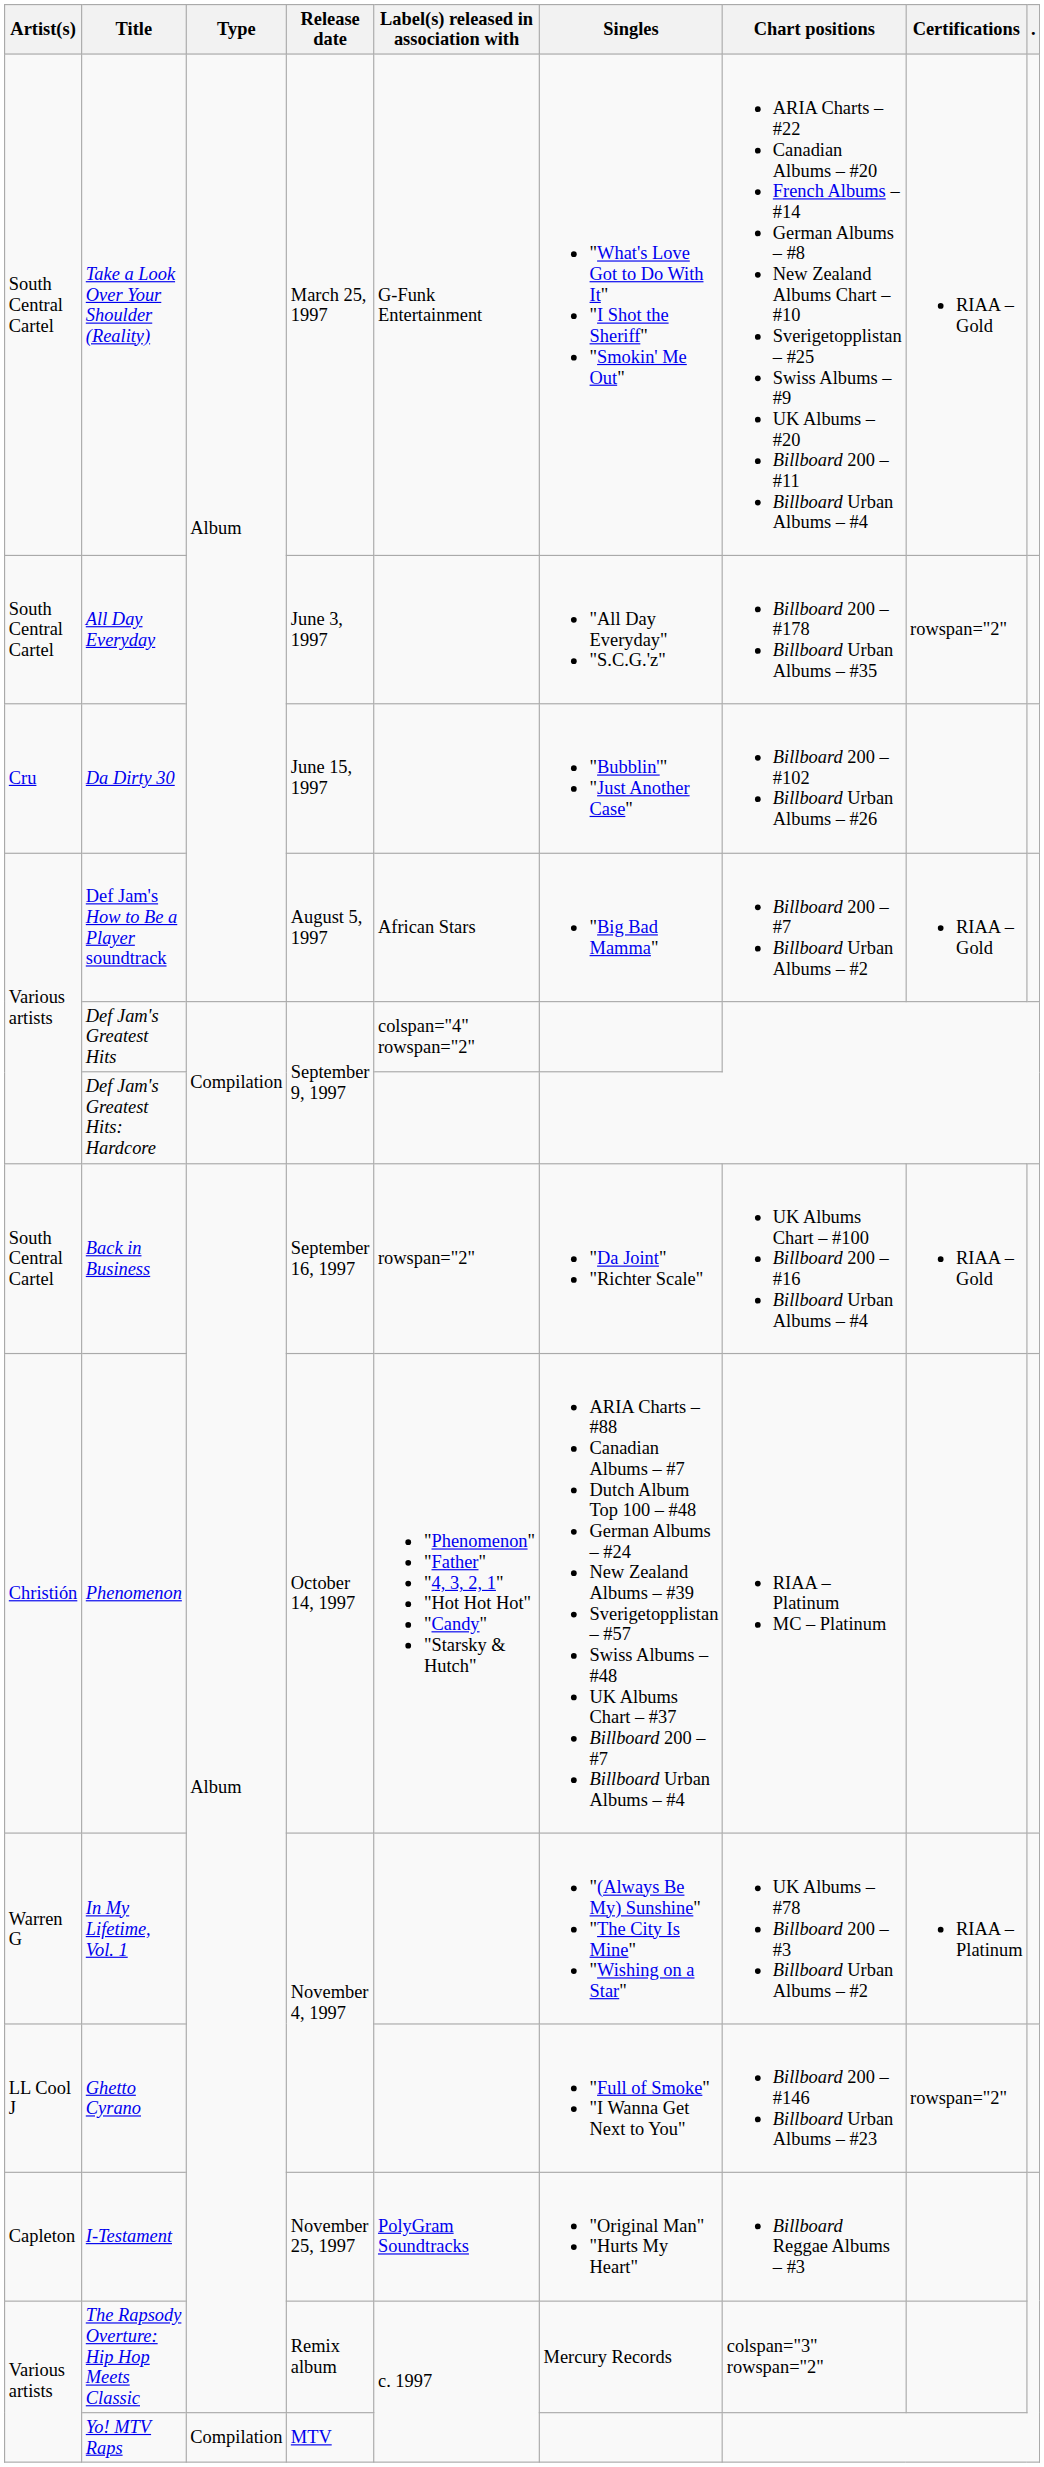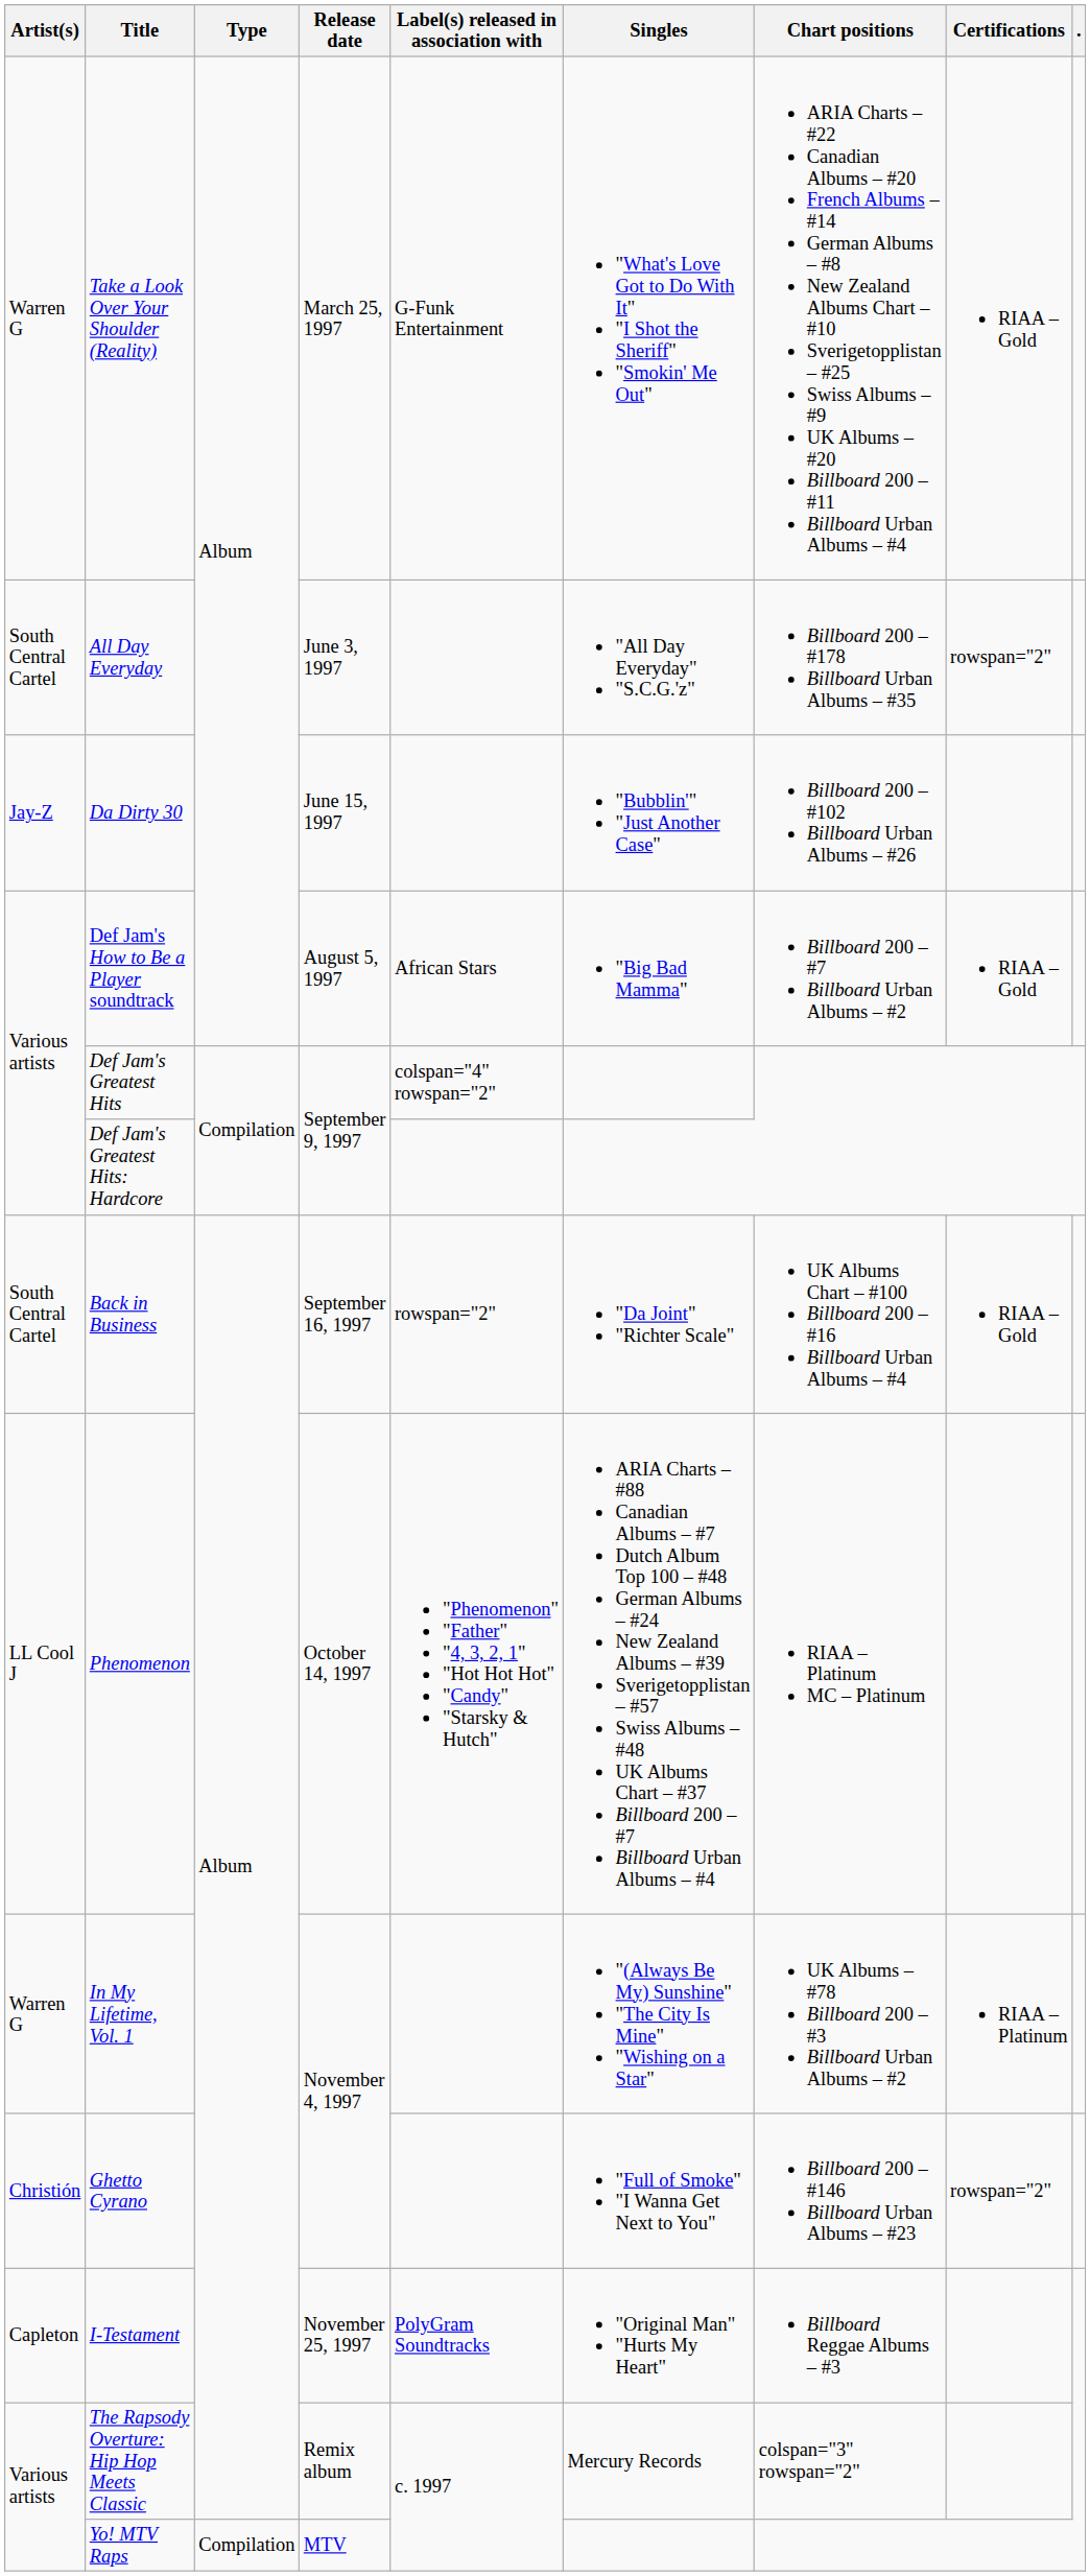 <table class="wikitable">
 <tr>
 <th>Artist(s)</th>
 <th>Title</th>
 <th>Type</th>
 <th>Release date</th>
 <th>Label(s) released in association with</th>
 <th>Singles</th>
 <th>Chart positions</th>
 <th>Certifications</th>
 <th>.</th>
 </tr>
 <tr>
-<td>South Central Cartel</td>
+<td>Warren G</td>
 <td><a href='#'><em>Take a Look Over Your Shoulder (Reality)</em></a></td>
 <td rowspan="4">Album</td>
 <td>March 25, 1997</td>
 <td>G-Funk Entertainment</td>
 <td><br><ul><li>"<a href='#'>What's Love Got to Do With It</a>"</li><li>"<a href='#'>I Shot the Sheriff</a>"</li><li>"<a href='#'>Smokin' Me Out</a>"</li></ul></td>
 <td><br><ul><li>ARIA Charts – #22</li><li>Canadian Albums – #20</li><li><a href='#'>French Albums</a> – #14</li><li>German Albums – #8</li><li>New Zealand Albums Chart – #10</li><li>Sverigetopplistan – #25</li><li>Swiss Albums – #9</li><li>UK Albums – #20</li><li><em>Billboard</em> 200 – #11</li><li><em>Billboard</em> Urban Albums – #4</li></ul></td>
 <td><br><ul><li>RIAA – Gold</li></ul></td>
 <td></td>
 </tr>
 <tr>
 <td>South Central Cartel</td>
 <td><em><a href='#'>All Day Everyday</a></em></td>
 <td>June 3, 1997</td>
 <td></td>
 <td><br><ul><li>"All Day Everyday"</li><li>"S.C.G.'z"</li></ul></td>
 <td><br><ul><li><em>Billboard</em> 200 – #178</li><li><em>Billboard</em> Urban Albums – #35</li></ul></td>
 <td>rowspan="2" </td>
 <td></td>
 </tr>
 <tr>
-<td><a href='#'>Cru</a></td>
+<td><a href='#'>Jay-Z</a></td>
 <td><em><a href='#'>Da Dirty 30</a></em></td>
 <td>June 15, 1997</td>
 <td></td>
 <td><br><ul><li>"<a href='#'>Bubblin'</a>"</li><li>"<a href='#'>Just Another Case</a>"</li></ul></td>
 <td><br><ul><li><em>Billboard</em> 200 – #102</li><li><em>Billboard</em> Urban Albums – #26</li></ul></td>
 <td></td>
 </tr>
 <tr>
 <td rowspan="3">Various artists</td>
 <td><a href='#'>Def Jam's <em>How to Be a Player</em> soundtrack</a></td>
 <td>August 5, 1997</td>
 <td>African Stars</td>
 <td><br><ul><li>"<a href='#'>Big Bad Mamma</a>"</li></ul></td>
 <td><br><ul><li><em>Billboard</em> 200 – #7</li><li><em>Billboard</em> Urban Albums – #2</li></ul></td>
 <td><br><ul><li>RIAA – Gold</li></ul></td>
 <td></td>
 </tr>
 <tr>
 <td><em>Def Jam's Greatest Hits</em></td>
 <td rowspan="2">Compilation</td>
 <td rowspan="2">September 9, 1997</td>
 <td>colspan="4" rowspan="2" </td>
 <td></td>
 </tr>
 <tr>
 <td><em>Def Jam's Greatest Hits: Hardcore</em></td>
 <td></td>
 </tr>
 <tr>
 <td>South Central Cartel</td>
 <td><a href='#'><em>Back in Business</em></a></td>
 <td rowspan="6">Album</td>
 <td>September 16, 1997</td>
 <td>rowspan="2" </td>
 <td><br><ul><li>"<a href='#'>Da Joint</a>"</li><li>"Richter Scale"</li></ul></td>
 <td><br><ul><li>UK Albums Chart – #100</li><li><em>Billboard</em> 200 – #16</li><li><em>Billboard</em> Urban Albums – #4</li></ul></td>
 <td><br><ul><li>RIAA – Gold</li></ul></td>
 <td></td>
 </tr>
 <tr>
-<td><a href='#'>Christión</a></td>
+<td>LL Cool J</td>
 <td><a href='#'><em>Phenomenon</em></a></td>
 <td>October 14, 1997</td>
 <td><br><ul><li>"<a href='#'>Phenomenon</a>"</li><li>"<a href='#'>Father</a>"</li><li>"<a href='#'>4, 3, 2, 1</a>"</li><li>"Hot Hot Hot"</li><li>"<a href='#'>Candy</a>"</li><li>"Starsky & Hutch"</li></ul></td>
 <td><br><ul><li>ARIA Charts – #88</li><li>Canadian Albums – #7</li><li>Dutch Album Top 100 – #48</li><li>German Albums – #24</li><li>New Zealand Albums – #39</li><li>Sverigetopplistan – #57</li><li>Swiss Albums – #48</li><li>UK Albums Chart – #37</li><li><em>Billboard</em> 200 – #7</li><li><em>Billboard</em> Urban Albums – #4</li></ul></td>
 <td><br><ul><li>RIAA – Platinum</li><li>MC – Platinum</li></ul></td>
 <td></td>
 </tr>
 <tr>
 <td>Warren G</td>
 <td><em><a href='#'>In My Lifetime, Vol. 1</a></em></td>
 <td rowspan="2">November 4, 1997</td>
 <td></td>
 <td><br><ul><li>"<a href='#'>(Always Be My) Sunshine</a>"</li><li>"<a href='#'>The City Is Mine</a>"</li><li>"<a href='#'>Wishing on a Star</a>" </li></ul></td>
 <td><br><ul><li>UK Albums – #78</li><li><em>Billboard</em> 200 – #3</li><li><em>Billboard</em> Urban Albums – #2</li></ul></td>
 <td><br><ul><li>RIAA – Platinum</li></ul></td>
 <td></td>
 </tr>
 <tr>
-<td>LL Cool J</td>
+<td><a href='#'>Christión</a></td>
 <td><em><a href='#'>Ghetto Cyrano</a></em></td>
 <td></td>
 <td><br><ul><li>"<a href='#'>Full of Smoke</a>"</li><li>"I Wanna Get Next to You"</li></ul></td>
 <td><br><ul><li><em>Billboard</em> 200 – #146</li><li><em>Billboard</em> Urban Albums – #23</li></ul></td>
 <td>rowspan="2" </td>
 <td></td>
 </tr>
 <tr>
 <td>Capleton</td>
 <td><em><a href='#'>I-Testament</a></em></td>
 <td>November 25, 1997</td>
 <td><a href='#'>PolyGram Soundtracks</a></td>
 <td><br><ul><li>"Original Man"</li><li>"Hurts My Heart"</li></ul></td>
 <td><br><ul><li><em>Billboard</em> Reggae Albums – #3</li></ul></td>
 <td></td>
 </tr>
 <tr>
 <td rowspan="2">Various artists</td>
 <td><a href='#'><em>The Rapsody Overture: Hip Hop Meets Classic</em></a></td>
 <td>Remix album</td>
 <td rowspan="2">c. 1997</td>
 <td>Mercury Records</td>
 <td>colspan="3" rowspan="2" </td>
 <td></td>
 </tr>
 <tr>
 <td><em><a href='#'>Yo! MTV Raps</a></em></td>
 <td>Compilation</td>
 <td><a href='#'>MTV</a></td>
 <td></td>
 </tr>
 </table>
